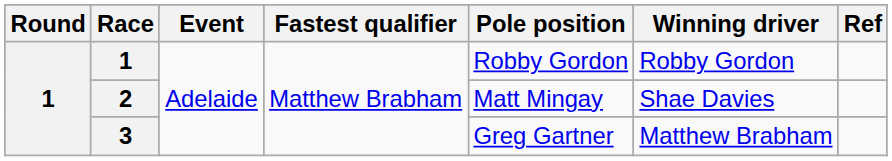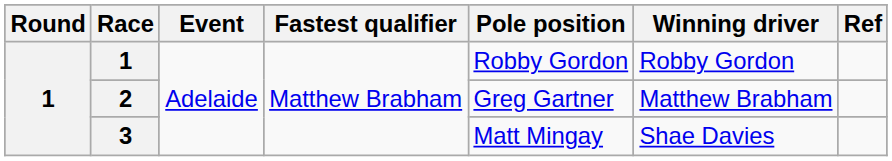 <table class="wikitable" style="font-size: 85%;">
 <tr>
 <th>Round</th>
 <th>Race</th>
 <th>Event</th>
 <th>Fastest qualifier</th>
 <th>Pole position</th>
 <th>Winning driver</th>
 <th>Ref</th>
 </tr>
 <tr>
 <th rowspan=3>1</th>
 <th>1</th>
 <td rowspan=3><a href='#'>Adelaide</a></td>
 <td rowspan=3> <a href='#'>Matthew Brabham</a></td>
 <td> <a href='#'>Robby Gordon</a></td>
 <td> <a href='#'>Robby Gordon</a></td>
 <td></td>
 </tr>
 <tr>
 <th>2</th>
+<td> <a href='#'>Greg Gartner</a></td>
+<td> <a href='#'>Matthew Brabham</a></td>
+<td></td>
+</tr>
+<tr>
+<th>3</th>
 <td> <a href='#'>Matt Mingay</a></td>
 <td> <a href='#'>Shae Davies</a></td>
 <td></td>
 </tr>
-<tr>
-<th>3</th>
-<td> <a href='#'>Greg Gartner</a></td>
-<td> <a href='#'>Matthew Brabham</a></td>
-<td></td>
-</tr>
 </table>
